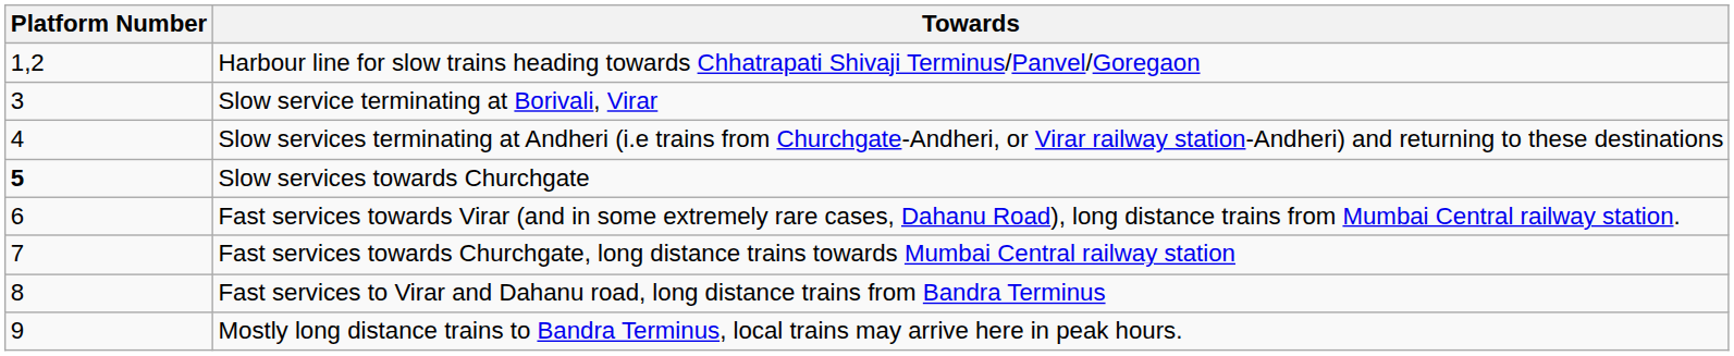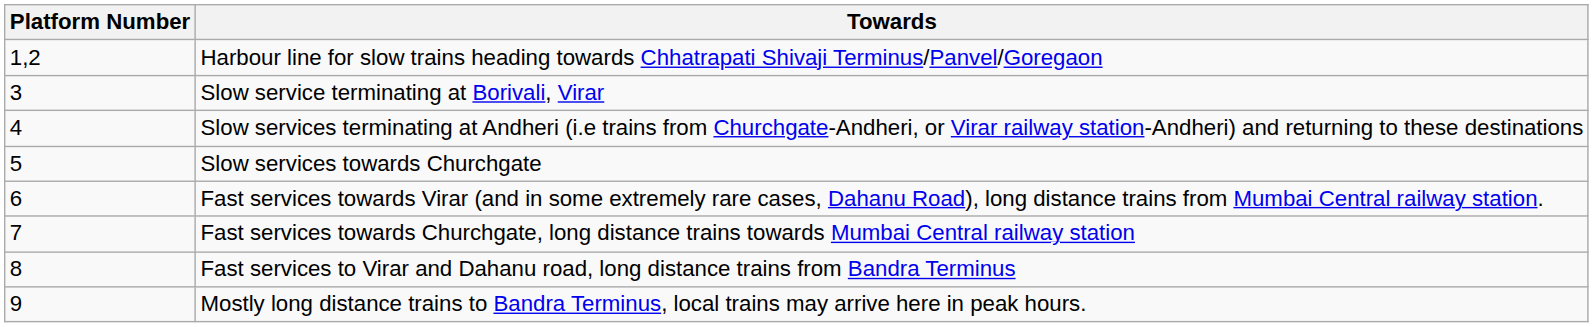 <table class="wikitable">
 <tr>
 <th>Platform Number</th>
 <th>Towards</th>
 </tr>
 <tr>
 <td>1,2</td>
 <td>Harbour line for slow trains heading towards <a href='#'>Chhatrapati Shivaji Terminus</a>/<a href='#'>Panvel</a>/<a href='#'>Goregaon</a></td>
 </tr>
 <tr>
 <td>3</td>
 <td>Slow service terminating at <a href='#'>Borivali</a>, <a href='#'>Virar</a></td>
 </tr>
 <tr>
 <td>4</td>
 <td>Slow services terminating at Andheri (i.e trains from <a href='#'>Churchgate</a>-Andheri, or <a href='#'>Virar railway station</a>-Andheri) and returning to these destinations</td>
 </tr>
 <tr>
-<td><strong>5</strong></td>
+<td>5</td>
 <td>Slow services towards Churchgate</td>
 </tr>
 <tr>
 <td>6</td>
 <td>Fast services towards Virar (and in some extremely rare cases, <a href='#'>Dahanu Road</a>), long distance trains from <a href='#'>Mumbai Central railway station</a>.</td>
 </tr>
 <tr>
 <td>7</td>
 <td>Fast services towards Churchgate, long distance trains towards <a href='#'>Mumbai Central railway station</a></td>
 </tr>
 <tr>
 <td>8</td>
 <td>Fast services to Virar and Dahanu road, long distance trains from <a href='#'>Bandra Terminus</a></td>
 </tr>
 <tr>
 <td>9</td>
 <td>Mostly long distance trains to <a href='#'>Bandra Terminus</a>, local trains may arrive here in peak hours.</td>
 </tr>
 </table>
